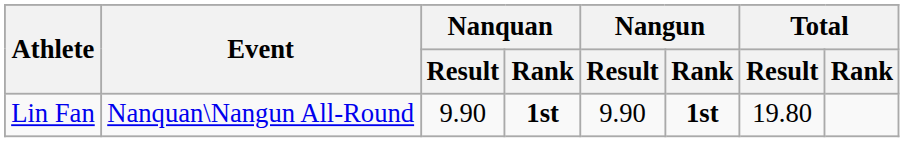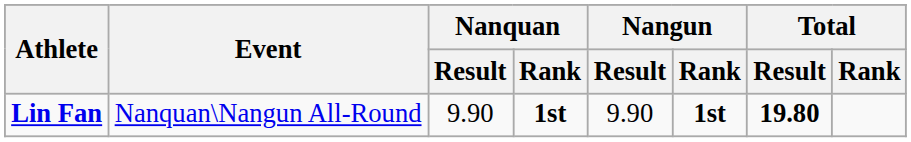 <table class=wikitable style="font-size:90%">
 <tr>
 <th rowspan="2">Athlete</th>
 <th rowspan="2">Event</th>
 <th colspan="2">Nanquan</th>
 <th colspan="2">Nangun</th>
 <th colspan="2">Total</th>
 </tr>
 <tr>
 <th>Result</th>
 <th>Rank</th>
 <th>Result</th>
 <th>Rank</th>
 <th>Result</th>
 <th>Rank</th>
 </tr>
 <tr>
-<td><a href='#'>Lin Fan</a></td>
+<td><strong><a href='#'>Lin Fan</a></strong></td>
 <td><a href='#'>Nanquan\Nangun All-Round</a></td>
 <td align=center>9.90</td>
 <td align=center><strong>1st</strong></td>
 <td align=center>9.90</td>
 <td align=center><strong>1st</strong></td>
-<td align=center>19.80</td>
+<td align=center><strong>19.80</strong></td>
 <td align=center></td>
 </tr>
 </table>
